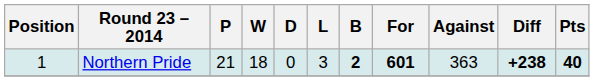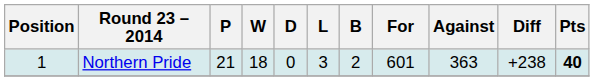 <table class="wikitable" style="text-align:center; font-size:85%;">
 <tr>
 <th width=40 abbr="Position">Position</th>
 <th width=100>Round 23 – 2014</th>
 <th width=20 abbr="Played">P</th>
 <th width=20 abbr="Won">W</th>
 <th width=20 abbr="Drawn">D</th>
 <th width=20 abbr="Lost">L</th>
 <th width=20 abbr="Bye">B</th>
 <th width=40 abbr="Points for">For</th>
 <th width=40 abbr="Points against">Against</th>
 <th width=40 abbr="Points difference">Diff</th>
 <th width=20 abbr="Points">Pts</th>
 </tr>
 <tr style="background: #d7ebed;">
 <td>1</td>
 <td style="text-align:left;"> <a href='#'>Northern Pride</a></td>
 <td>21</td>
 <td>18</td>
 <td>0</td>
 <td>3</td>
-<td><strong>2</strong></td>
-<td><strong>601</strong></td>
+<td>2</td>
+<td>601</td>
 <td>363</td>
-<td><strong>+238</strong></td>
+<td>+238</td>
 <td><strong>40</strong></td>
 </tr>
 <tr>
 </tr>
 </table>
